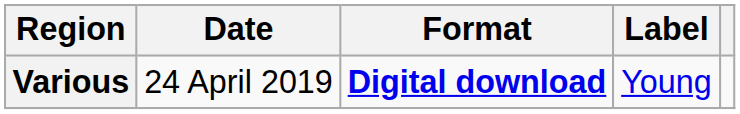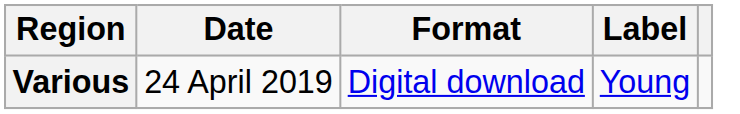 <table class="wikitable plainrowheaders">
 <tr>
 <th>Region</th>
 <th>Date</th>
 <th>Format</th>
 <th>Label</th>
 <th></th>
 </tr>
 <tr>
 <th scope="row">Various</th>
 <td>24 April 2019</td>
-<td><strong><a href='#'>Digital download</a></strong></td>
+<td><a href='#'>Digital download</a></td>
 <td><a href='#'>Young</a></td>
 <td align="center"></td>
 </tr>
 <tr>
 </tr>
 </table>
